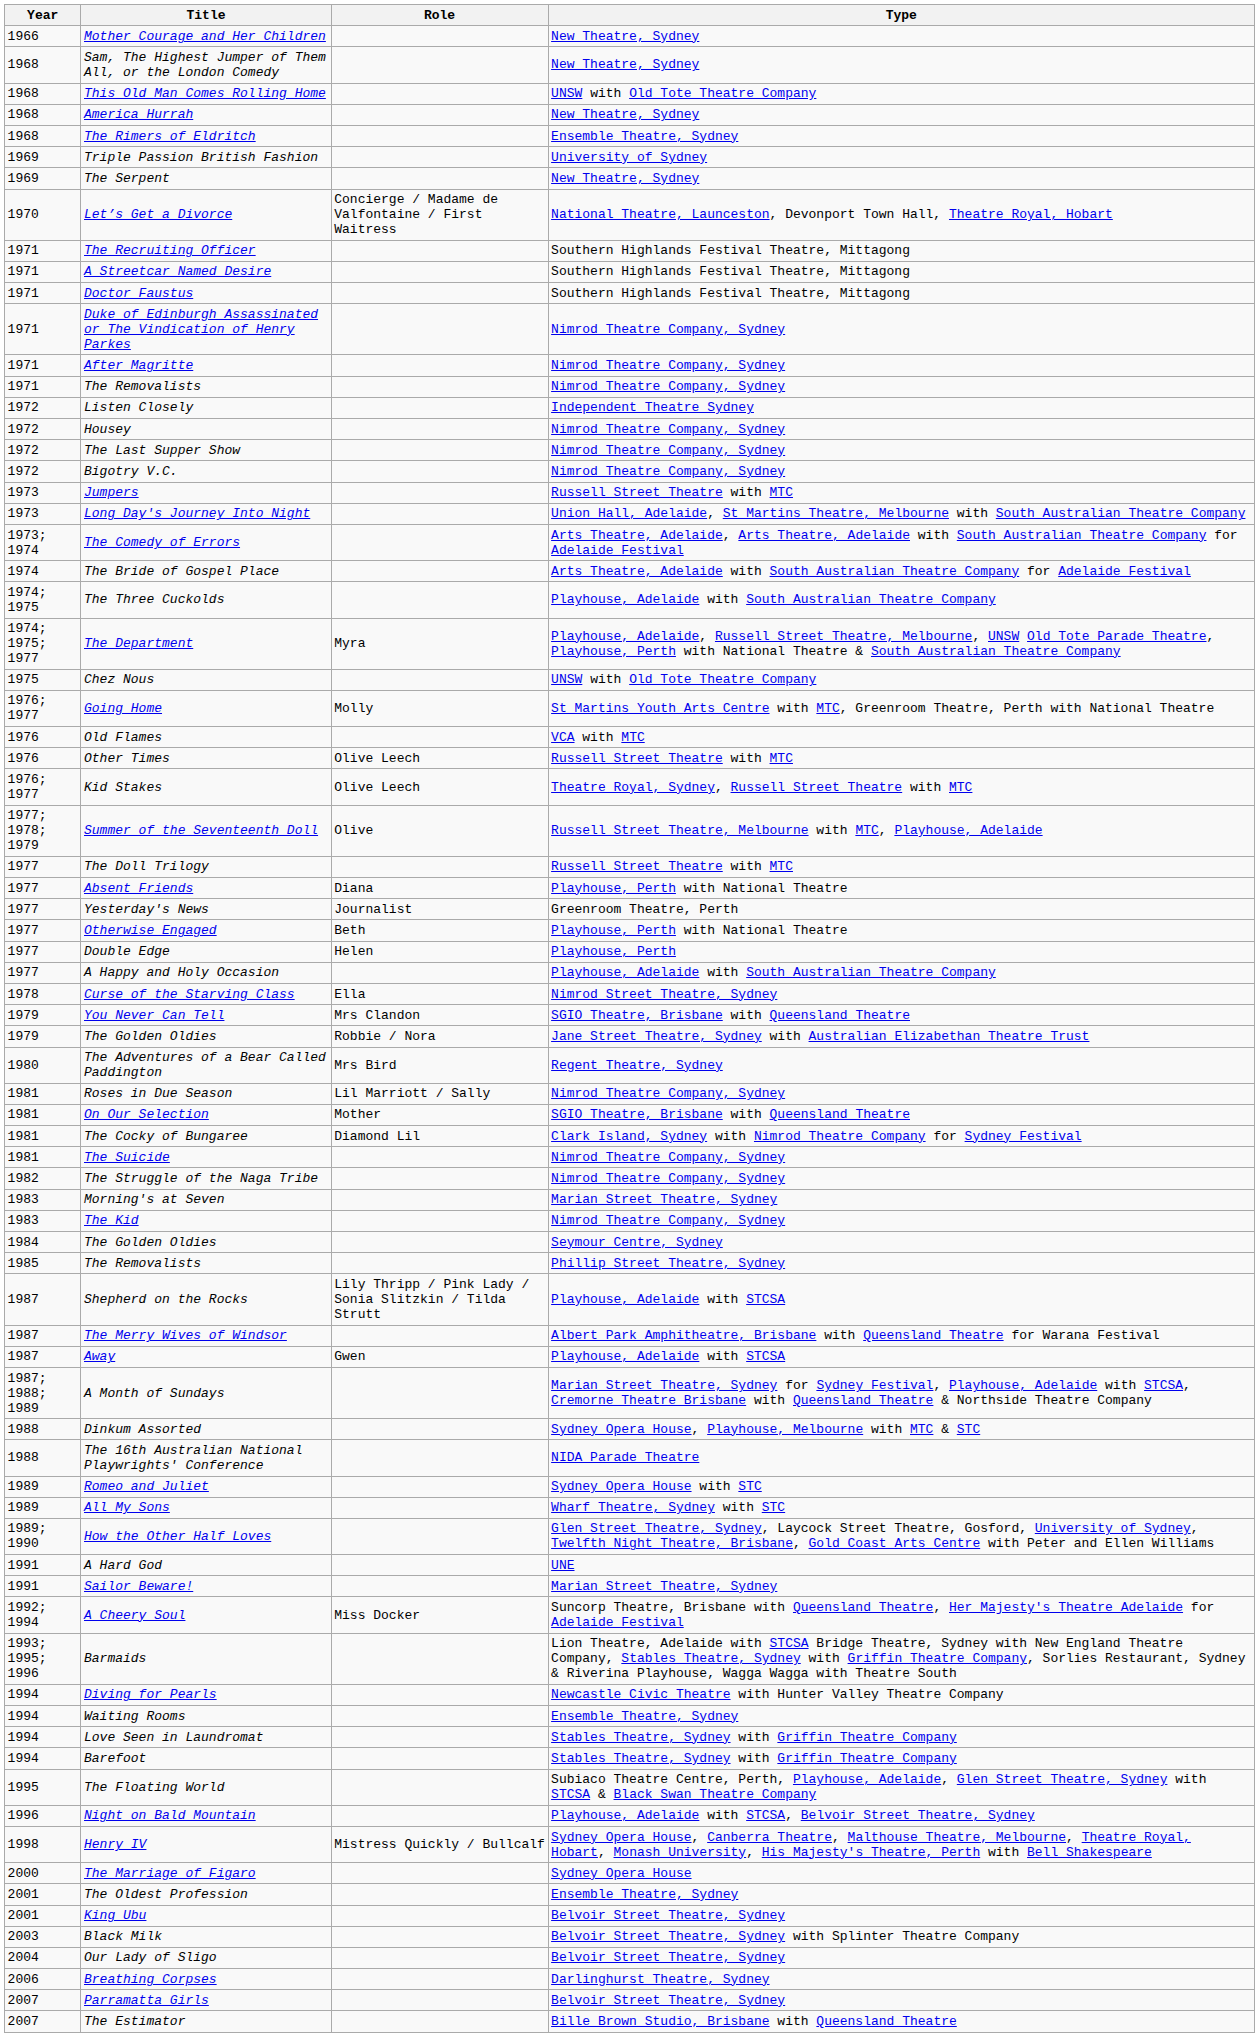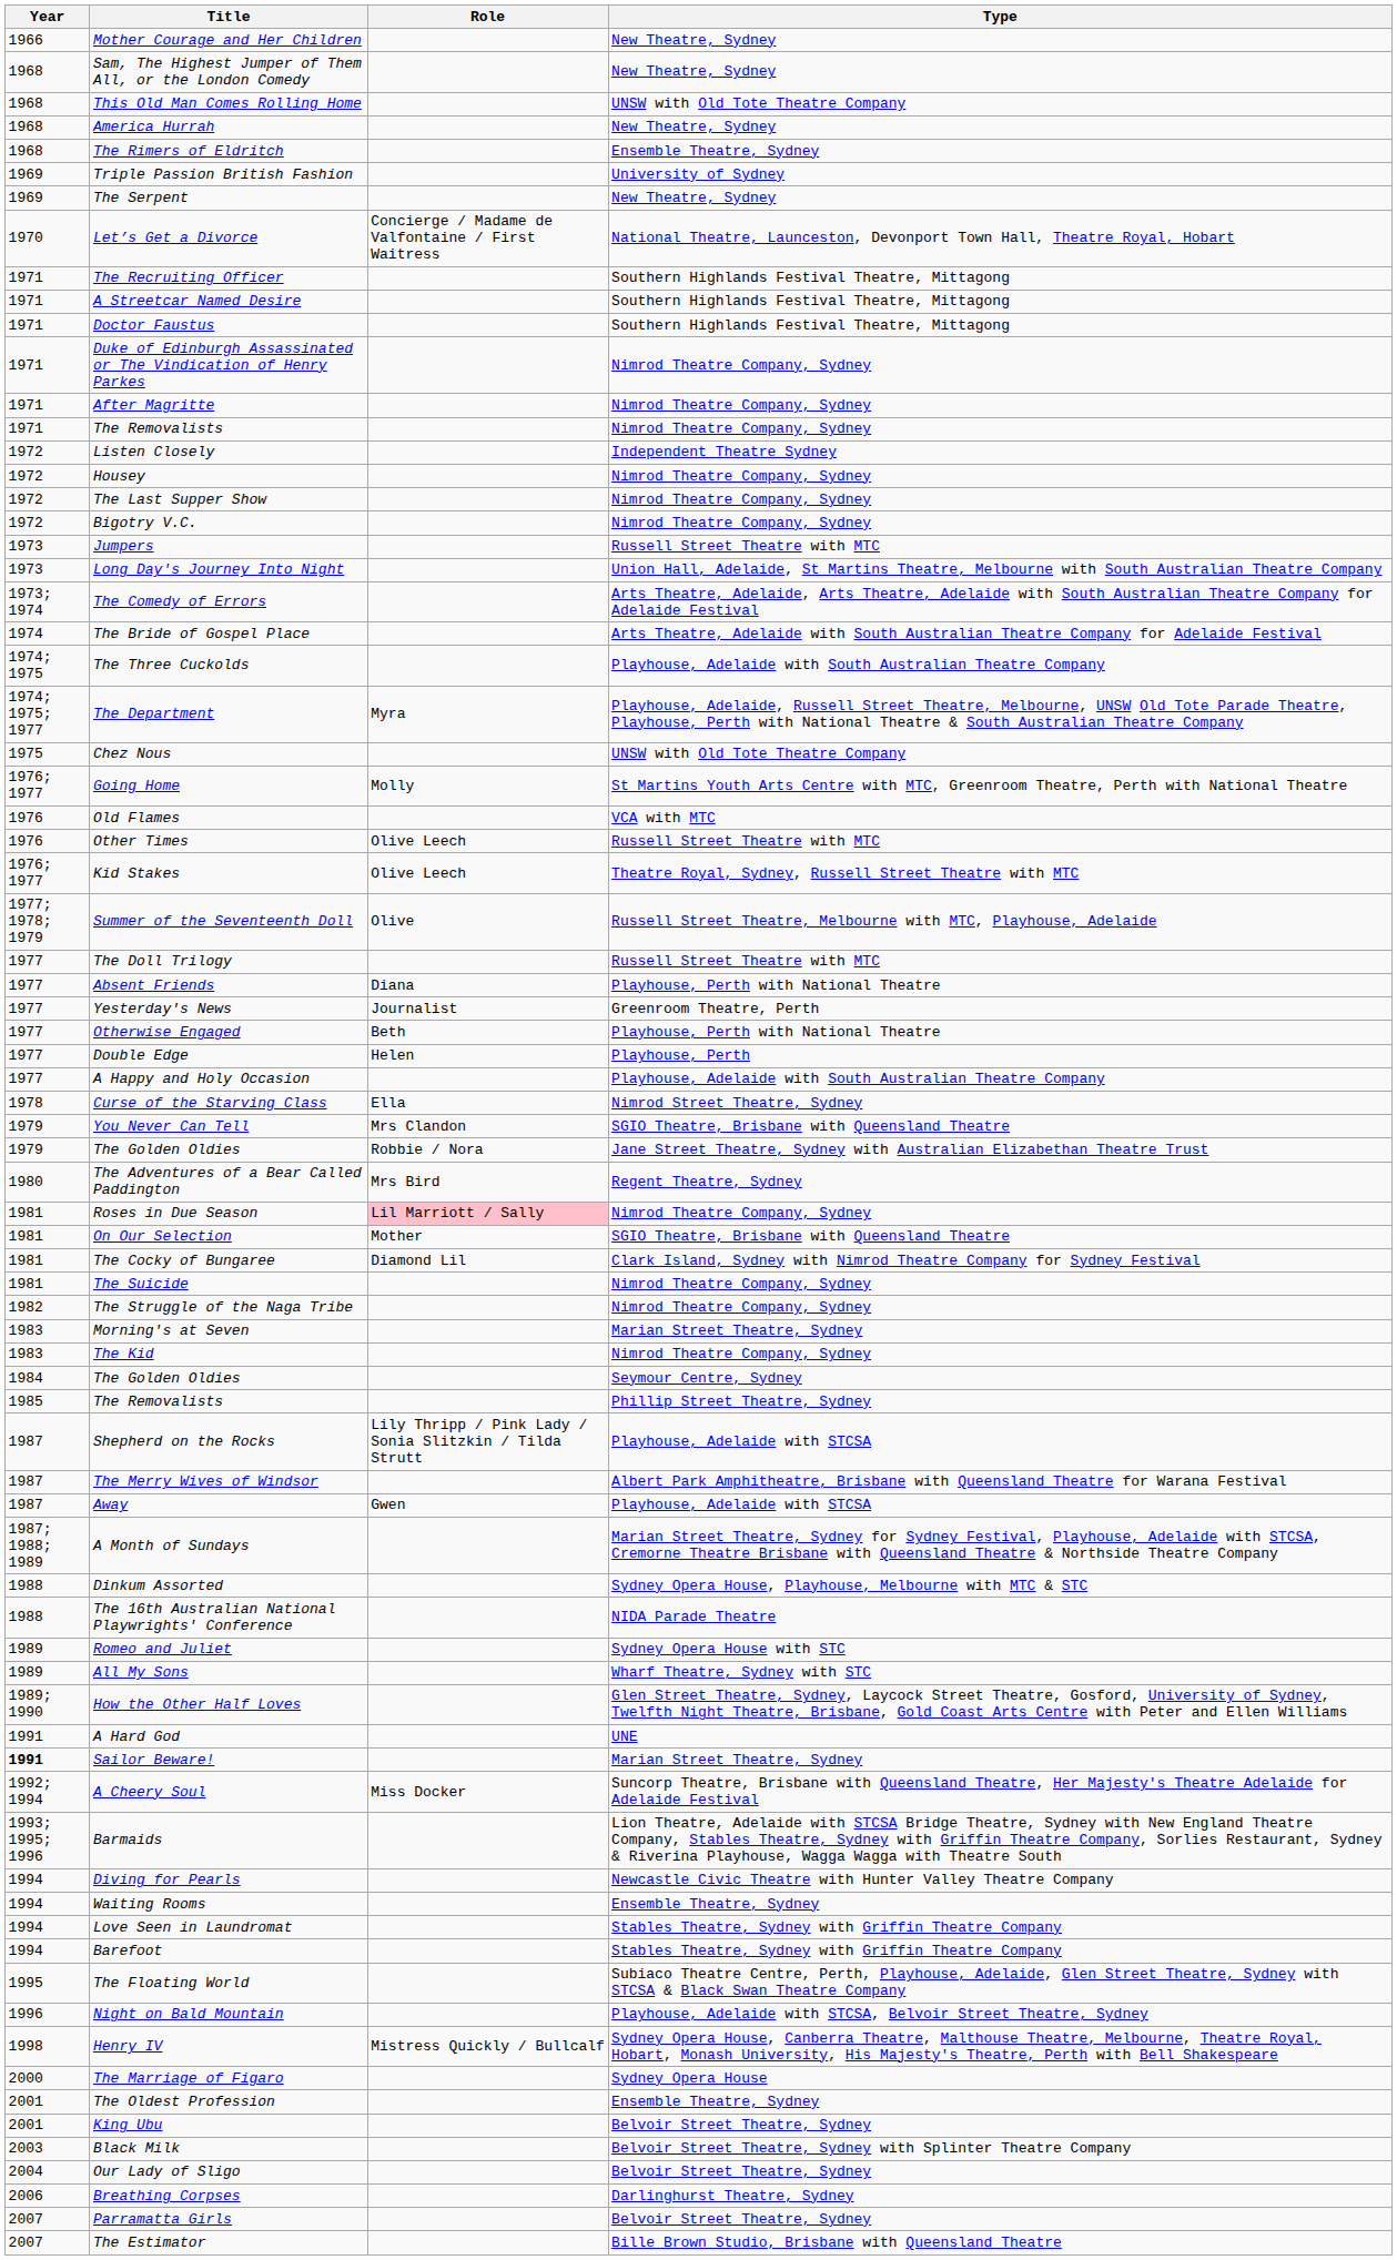 <table class="wikitable">
 <tr>
 <th>Year</th>
 <th>Title</th>
 <th>Role</th>
 <th>Type</th>
 </tr>
 <tr>
 <td>1966</td>
 <td><em><a href='#'>Mother Courage and Her Children</a></em></td>
 <td></td>
 <td><a href='#'>New Theatre, Sydney</a></td>
 </tr>
 <tr>
 <td>1968</td>
 <td><em>Sam, The Highest Jumper of Them All, or the London Comedy</em></td>
 <td></td>
 <td><a href='#'>New Theatre, Sydney</a></td>
 </tr>
 <tr>
 <td>1968</td>
 <td><em><a href='#'>This Old Man Comes Rolling Home</a></em></td>
 <td></td>
 <td><a href='#'>UNSW</a> with <a href='#'>Old Tote Theatre Company</a></td>
 </tr>
 <tr>
 <td>1968</td>
 <td><em><a href='#'>America Hurrah</a></em></td>
 <td></td>
 <td><a href='#'>New Theatre, Sydney</a></td>
 </tr>
 <tr>
 <td>1968</td>
 <td><em><a href='#'>The Rimers of Eldritch</a></em></td>
 <td></td>
 <td><a href='#'>Ensemble Theatre, Sydney</a></td>
 </tr>
 <tr>
 <td>1969</td>
 <td><em>Triple Passion British Fashion</em></td>
 <td></td>
 <td><a href='#'>University of Sydney</a></td>
 </tr>
 <tr>
 <td>1969</td>
 <td><em>The Serpent</em></td>
 <td></td>
 <td><a href='#'>New Theatre, Sydney</a></td>
 </tr>
 <tr>
 <td>1970</td>
 <td><em><a href='#'>Let’s Get a Divorce</a></em></td>
 <td>Concierge / Madame de Valfontaine / First Waitress</td>
 <td><a href='#'>National Theatre, Launceston</a>, Devonport Town Hall, <a href='#'>Theatre Royal, Hobart</a></td>
 </tr>
 <tr>
 <td>1971</td>
 <td><em><a href='#'>The Recruiting Officer</a></em></td>
 <td></td>
 <td>Southern Highlands Festival Theatre, Mittagong</td>
 </tr>
 <tr>
 <td>1971</td>
 <td><em><a href='#'>A Streetcar Named Desire</a></em></td>
 <td></td>
 <td>Southern Highlands Festival Theatre, Mittagong</td>
 </tr>
 <tr>
 <td>1971</td>
 <td><em><a href='#'>Doctor Faustus</a></em></td>
 <td></td>
 <td>Southern Highlands Festival Theatre, Mittagong</td>
 </tr>
 <tr>
 <td>1971</td>
 <td><em><a href='#'>Duke of Edinburgh Assassinated or The Vindication of Henry Parkes</a></em></td>
 <td></td>
 <td><a href='#'>Nimrod Theatre Company, Sydney</a></td>
 </tr>
 <tr>
 <td>1971</td>
 <td><em><a href='#'>After Magritte</a></em></td>
 <td></td>
 <td><a href='#'>Nimrod Theatre Company, Sydney</a></td>
 </tr>
 <tr>
 <td>1971</td>
 <td><em>The Removalists</em></td>
 <td></td>
 <td><a href='#'>Nimrod Theatre Company, Sydney</a></td>
 </tr>
 <tr>
 <td>1972</td>
 <td><em>Listen Closely</em></td>
 <td></td>
 <td><a href='#'>Independent Theatre Sydney</a></td>
 </tr>
 <tr>
 <td>1972</td>
 <td><em>Housey</em></td>
 <td></td>
 <td><a href='#'>Nimrod Theatre Company, Sydney</a></td>
 </tr>
 <tr>
 <td>1972</td>
 <td><em>The Last Supper Show</em></td>
 <td></td>
 <td><a href='#'>Nimrod Theatre Company, Sydney</a></td>
 </tr>
 <tr>
 <td>1972</td>
 <td><em>Bigotry V.C.</em></td>
 <td></td>
 <td><a href='#'>Nimrod Theatre Company, Sydney</a></td>
 </tr>
 <tr>
 <td>1973</td>
 <td><em><a href='#'>Jumpers</a></em></td>
 <td></td>
 <td><a href='#'>Russell Street Theatre</a> with <a href='#'>MTC</a></td>
 </tr>
 <tr>
 <td>1973</td>
 <td><em><a href='#'>Long Day's Journey Into Night</a></em></td>
 <td></td>
 <td><a href='#'>Union Hall, Adelaide</a>, <a href='#'>St Martins Theatre, Melbourne</a> with <a href='#'>South Australian Theatre Company</a></td>
 </tr>
 <tr>
 <td>1973; 1974</td>
 <td><em><a href='#'>The Comedy of Errors</a></em></td>
 <td></td>
 <td><a href='#'>Arts Theatre, Adelaide</a>, <a href='#'>Arts Theatre, Adelaide</a> with <a href='#'>South Australian Theatre Company</a> for <a href='#'>Adelaide Festival</a></td>
 </tr>
 <tr>
 <td>1974</td>
 <td><em>The Bride of Gospel Place</em></td>
 <td></td>
 <td><a href='#'>Arts Theatre, Adelaide</a> with <a href='#'>South Australian Theatre Company</a> for <a href='#'>Adelaide Festival</a></td>
 </tr>
 <tr>
 <td>1974; 1975</td>
 <td><em>The Three Cuckolds</em></td>
 <td></td>
 <td><a href='#'>Playhouse, Adelaide</a> with <a href='#'>South Australian Theatre Company</a></td>
 </tr>
 <tr>
 <td>1974; 1975; 1977</td>
 <td><em><a href='#'>The Department</a></em></td>
 <td>Myra</td>
 <td><a href='#'>Playhouse, Adelaide</a>, <a href='#'>Russell Street Theatre, Melbourne</a>, <a href='#'>UNSW</a> <a href='#'>Old Tote Parade Theatre</a>, <a href='#'>Playhouse, Perth</a> with National Theatre & <a href='#'>South Australian Theatre Company</a></td>
 </tr>
 <tr>
 <td>1975</td>
 <td><em>Chez Nous</em></td>
 <td></td>
 <td><a href='#'>UNSW</a> with <a href='#'>Old Tote Theatre Company</a></td>
 </tr>
 <tr>
 <td>1976; 1977</td>
 <td><em><a href='#'>Going Home</a></em></td>
 <td>Molly</td>
 <td><a href='#'>St Martins Youth Arts Centre</a> with <a href='#'>MTC</a>, Greenroom Theatre, Perth with National Theatre</td>
 </tr>
 <tr>
 <td>1976</td>
 <td><em>Old Flames</em></td>
 <td></td>
 <td><a href='#'>VCA</a> with <a href='#'>MTC</a></td>
 </tr>
 <tr>
 <td>1976</td>
 <td><em>Other Times</em></td>
 <td>Olive Leech</td>
 <td><a href='#'>Russell Street Theatre</a> with <a href='#'>MTC</a></td>
 </tr>
 <tr>
 <td>1976; 1977</td>
 <td><em>Kid Stakes</em></td>
 <td>Olive Leech</td>
 <td><a href='#'>Theatre Royal, Sydney</a>, <a href='#'>Russell Street Theatre</a> with <a href='#'>MTC</a></td>
 </tr>
 <tr>
 <td>1977; 1978; 1979</td>
 <td><em><a href='#'>Summer of the Seventeenth Doll</a></em></td>
 <td>Olive</td>
 <td><a href='#'>Russell Street Theatre, Melbourne</a> with <a href='#'>MTC</a>, <a href='#'>Playhouse, Adelaide</a></td>
 </tr>
 <tr>
 <td>1977</td>
 <td><em>The Doll Trilogy</em></td>
 <td></td>
 <td><a href='#'>Russell Street Theatre</a> with <a href='#'>MTC</a></td>
 </tr>
 <tr>
 <td>1977</td>
 <td><em><a href='#'>Absent Friends</a></em></td>
 <td>Diana</td>
 <td><a href='#'>Playhouse, Perth</a> with National Theatre</td>
 </tr>
 <tr>
 <td>1977</td>
 <td><em>Yesterday's News</em></td>
 <td>Journalist</td>
 <td>Greenroom Theatre, Perth</td>
 </tr>
 <tr>
 <td>1977</td>
 <td><em><a href='#'>Otherwise Engaged</a></em></td>
 <td>Beth</td>
 <td><a href='#'>Playhouse, Perth</a> with National Theatre</td>
 </tr>
 <tr>
 <td>1977</td>
 <td><em>Double Edge</em></td>
 <td>Helen</td>
 <td><a href='#'>Playhouse, Perth</a></td>
 </tr>
 <tr>
 <td>1977</td>
 <td><em>A Happy and Holy Occasion</em></td>
 <td></td>
 <td><a href='#'>Playhouse, Adelaide</a> with <a href='#'>South Australian Theatre Company</a></td>
 </tr>
 <tr>
 <td>1978</td>
 <td><em><a href='#'>Curse of the Starving Class</a></em></td>
 <td>Ella</td>
 <td><a href='#'>Nimrod Street Theatre, Sydney</a></td>
 </tr>
 <tr>
 <td>1979</td>
 <td><em><a href='#'>You Never Can Tell</a></em></td>
 <td>Mrs Clandon</td>
 <td><a href='#'>SGIO Theatre, Brisbane</a> with <a href='#'>Queensland Theatre</a></td>
 </tr>
 <tr>
 <td>1979</td>
 <td><em>The Golden Oldies</em></td>
 <td>Robbie / Nora</td>
 <td><a href='#'>Jane Street Theatre, Sydney</a> with <a href='#'>Australian Elizabethan Theatre Trust</a></td>
 </tr>
 <tr>
 <td>1980</td>
 <td><em>The Adventures of a Bear Called Paddington</em></td>
 <td>Mrs Bird</td>
 <td><a href='#'>Regent Theatre, Sydney</a></td>
 </tr>
 <tr>
 <td>1981</td>
 <td><em>Roses in Due Season</em></td>
-<td>Lil Marriott / Sally</td>
+<td style="background: pink;">Lil Marriott / Sally</td>
 <td><a href='#'>Nimrod Theatre Company, Sydney</a></td>
 </tr>
 <tr>
 <td>1981</td>
 <td><em><a href='#'>On Our Selection</a></em></td>
 <td>Mother</td>
 <td><a href='#'>SGIO Theatre, Brisbane</a> with <a href='#'>Queensland Theatre</a></td>
 </tr>
 <tr>
 <td>1981</td>
 <td><em>The Cocky of Bungaree</em></td>
 <td>Diamond Lil</td>
 <td><a href='#'>Clark Island, Sydney</a> with <a href='#'>Nimrod Theatre Company</a> for <a href='#'>Sydney Festival</a></td>
 </tr>
 <tr>
 <td>1981</td>
 <td><em><a href='#'>The Suicide</a></em></td>
 <td></td>
 <td><a href='#'>Nimrod Theatre Company, Sydney</a></td>
 </tr>
 <tr>
 <td>1982</td>
 <td><em>The Struggle of the Naga Tribe</em></td>
 <td></td>
 <td><a href='#'>Nimrod Theatre Company, Sydney</a></td>
 </tr>
 <tr>
 <td>1983</td>
 <td><em>Morning's at Seven</em></td>
 <td></td>
 <td><a href='#'>Marian Street Theatre, Sydney</a></td>
 </tr>
 <tr>
 <td>1983</td>
 <td><em><a href='#'>The Kid</a></em></td>
 <td></td>
 <td><a href='#'>Nimrod Theatre Company, Sydney</a></td>
 </tr>
 <tr>
 <td>1984</td>
 <td><em>The Golden Oldies</em></td>
 <td></td>
 <td><a href='#'>Seymour Centre, Sydney</a></td>
 </tr>
 <tr>
 <td>1985</td>
 <td><em>The Removalists</em></td>
 <td></td>
 <td><a href='#'>Phillip Street Theatre, Sydney</a></td>
 </tr>
 <tr>
 <td>1987</td>
 <td><em>Shepherd on the Rocks</em></td>
 <td>Lily Thripp / Pink Lady / Sonia Slitzkin / Tilda Strutt</td>
 <td><a href='#'>Playhouse, Adelaide</a> with <a href='#'>STCSA</a></td>
 </tr>
 <tr>
 <td>1987</td>
 <td><em><a href='#'>The Merry Wives of Windsor</a></em></td>
 <td></td>
 <td><a href='#'>Albert Park Amphitheatre, Brisbane</a> with <a href='#'>Queensland Theatre</a> for Warana Festival</td>
 </tr>
 <tr>
 <td>1987</td>
 <td><em><a href='#'>Away</a></em></td>
 <td>Gwen</td>
 <td><a href='#'>Playhouse, Adelaide</a> with <a href='#'>STCSA</a></td>
 </tr>
 <tr>
 <td>1987; 1988; 1989</td>
 <td><em>A Month of Sundays</em></td>
 <td></td>
 <td><a href='#'>Marian Street Theatre, Sydney</a> for <a href='#'>Sydney Festival</a>, <a href='#'>Playhouse, Adelaide</a> with <a href='#'>STCSA</a>, <a href='#'>Cremorne Theatre Brisbane</a> with <a href='#'>Queensland Theatre</a> & Northside Theatre Company</td>
 </tr>
 <tr>
 <td>1988</td>
 <td><em>Dinkum Assorted</em></td>
 <td></td>
 <td><a href='#'>Sydney Opera House</a>, <a href='#'>Playhouse, Melbourne</a> with <a href='#'>MTC</a> & <a href='#'>STC</a></td>
 </tr>
 <tr>
 <td>1988</td>
 <td><em>The 16th Australian National Playwrights' Conference</em></td>
 <td></td>
 <td><a href='#'>NIDA Parade Theatre</a></td>
 </tr>
 <tr>
 <td>1989</td>
 <td><em><a href='#'>Romeo and Juliet</a></em></td>
 <td></td>
 <td><a href='#'>Sydney Opera House</a> with <a href='#'>STC</a></td>
 </tr>
 <tr>
 <td>1989</td>
 <td><em><a href='#'>All My Sons</a></em></td>
 <td></td>
 <td><a href='#'>Wharf Theatre, Sydney</a> with <a href='#'>STC</a></td>
 </tr>
 <tr>
 <td>1989; 1990</td>
 <td><em><a href='#'>How the Other Half Loves</a></em></td>
 <td></td>
 <td><a href='#'>Glen Street Theatre, Sydney</a>, Laycock Street Theatre, Gosford, <a href='#'>University of Sydney</a>, <a href='#'>Twelfth Night Theatre, Brisbane</a>, <a href='#'>Gold Coast Arts Centre</a> with Peter and Ellen Williams</td>
 </tr>
 <tr>
 <td>1991</td>
 <td><em>A Hard God</em></td>
 <td></td>
 <td><a href='#'>UNE</a></td>
 </tr>
 <tr>
-<td>1991</td>
+<td><strong>1991</strong></td>
 <td><em><a href='#'>Sailor Beware!</a></em></td>
 <td></td>
 <td><a href='#'>Marian Street Theatre, Sydney</a></td>
 </tr>
 <tr>
 <td>1992; 1994</td>
 <td><em><a href='#'>A Cheery Soul</a></em></td>
 <td>Miss Docker</td>
 <td>Suncorp Theatre, Brisbane with <a href='#'>Queensland Theatre</a>, <a href='#'>Her Majesty's Theatre Adelaide</a> for <a href='#'>Adelaide Festival</a></td>
 </tr>
 <tr>
 <td>1993; 1995; 1996</td>
 <td><em>Barmaids</em></td>
 <td></td>
 <td>Lion Theatre, Adelaide with <a href='#'>STCSA</a> Bridge Theatre, Sydney with New England Theatre Company, <a href='#'>Stables Theatre, Sydney</a> with <a href='#'>Griffin Theatre Company</a>, Sorlies Restaurant, Sydney & Riverina Playhouse, Wagga Wagga with Theatre South</td>
 </tr>
 <tr>
 <td>1994</td>
 <td><em><a href='#'>Diving for Pearls</a></em></td>
 <td></td>
 <td><a href='#'>Newcastle Civic Theatre</a> with Hunter Valley Theatre Company</td>
 </tr>
 <tr>
 <td>1994</td>
 <td><em>Waiting Rooms</em></td>
 <td></td>
 <td><a href='#'>Ensemble Theatre, Sydney</a></td>
 </tr>
 <tr>
 <td>1994</td>
 <td><em>Love Seen in Laundromat</em></td>
 <td></td>
 <td><a href='#'>Stables Theatre, Sydney</a> with <a href='#'>Griffin Theatre Company</a></td>
 </tr>
 <tr>
 <td>1994</td>
 <td><em>Barefoot</em></td>
 <td></td>
 <td><a href='#'>Stables Theatre, Sydney</a> with <a href='#'>Griffin Theatre Company</a></td>
 </tr>
 <tr>
 <td>1995</td>
 <td><em>The Floating World</em></td>
 <td></td>
 <td>Subiaco Theatre Centre, Perth, <a href='#'>Playhouse, Adelaide</a>, <a href='#'>Glen Street Theatre, Sydney</a> with <a href='#'>STCSA</a> & <a href='#'>Black Swan Theatre Company</a></td>
 </tr>
 <tr>
 <td>1996</td>
 <td><em><a href='#'>Night on Bald Mountain</a></em></td>
 <td></td>
 <td><a href='#'>Playhouse, Adelaide</a> with <a href='#'>STCSA</a>, <a href='#'>Belvoir Street Theatre, Sydney</a></td>
 </tr>
 <tr>
 <td>1998</td>
 <td><em><a href='#'>Henry IV</a></em></td>
 <td>Mistress Quickly / Bullcalf</td>
 <td><a href='#'>Sydney Opera House</a>, <a href='#'>Canberra Theatre</a>, <a href='#'>Malthouse Theatre, Melbourne</a>, <a href='#'>Theatre Royal, Hobart</a>, <a href='#'>Monash University</a>, <a href='#'>His Majesty's Theatre, Perth</a> with <a href='#'>Bell Shakespeare</a></td>
 </tr>
 <tr>
 <td>2000</td>
 <td><em><a href='#'>The Marriage of Figaro</a></em></td>
 <td></td>
 <td><a href='#'>Sydney Opera House</a></td>
 </tr>
 <tr>
 <td>2001</td>
 <td><em>The Oldest Profession</em></td>
 <td></td>
 <td><a href='#'>Ensemble Theatre, Sydney</a></td>
 </tr>
 <tr>
 <td>2001</td>
 <td><em><a href='#'>King Ubu</a></em></td>
 <td></td>
 <td><a href='#'>Belvoir Street Theatre, Sydney</a></td>
 </tr>
 <tr>
 <td>2003</td>
 <td><em>Black Milk</em></td>
 <td></td>
 <td><a href='#'>Belvoir Street Theatre, Sydney</a> with Splinter Theatre Company</td>
 </tr>
 <tr>
 <td>2004</td>
 <td><em>Our Lady of Sligo</em></td>
 <td></td>
 <td><a href='#'>Belvoir Street Theatre, Sydney</a></td>
 </tr>
 <tr>
 <td>2006</td>
 <td><em><a href='#'>Breathing Corpses</a></em></td>
 <td></td>
 <td><a href='#'>Darlinghurst Theatre, Sydney</a></td>
 </tr>
 <tr>
 <td>2007</td>
 <td><em><a href='#'>Parramatta Girls</a></em></td>
 <td></td>
 <td><a href='#'>Belvoir Street Theatre, Sydney</a></td>
 </tr>
 <tr>
 <td>2007</td>
 <td><em>The Estimator</em></td>
 <td></td>
 <td><a href='#'>Bille Brown Studio, Brisbane</a> with <a href='#'>Queensland Theatre</a></td>
 </tr>
 </table>
